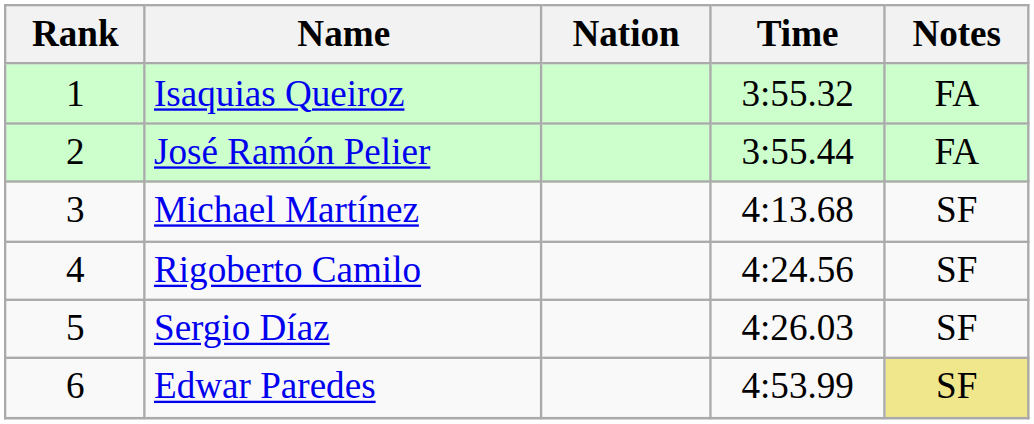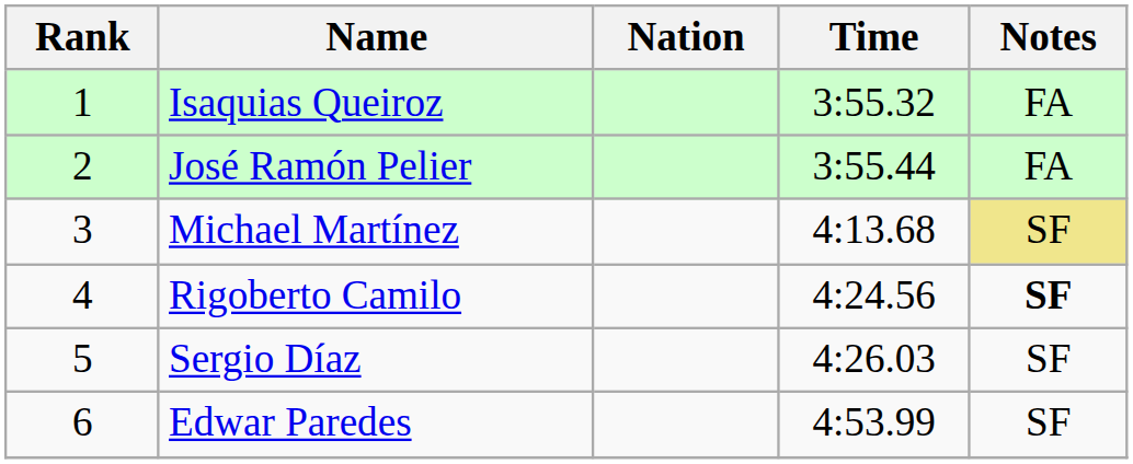 <table class="wikitable sortable" style="text-align:center" width=50%>
 <tr>
 <th>Rank</th>
 <th>Name</th>
 <th>Nation</th>
 <th>Time</th>
 <th>Notes</th>
 </tr>
 <tr bgcolor=ccffcc>
 <td>1</td>
 <td align=left><a href='#'>Isaquias Queiroz</a></td>
 <td align=left></td>
 <td>3:55.32</td>
 <td>FA</td>
 </tr>
 <tr bgcolor=ccffcc>
 <td>2</td>
 <td align=left><a href='#'>José Ramón Pelier</a></td>
 <td align=left></td>
 <td>3:55.44</td>
 <td>FA</td>
 </tr>
 <tr>
 <td>3</td>
 <td align=left><a href='#'>Michael Martínez</a></td>
 <td align=left></td>
 <td>4:13.68</td>
-<td>SF</td>
+<td style="background: khaki;">SF</td>
 </tr>
 <tr>
 <td>4</td>
 <td align=left><a href='#'>Rigoberto Camilo</a></td>
 <td align=left></td>
 <td>4:24.56</td>
-<td>SF</td>
+<td><strong>SF</strong></td>
 </tr>
 <tr>
 <td>5</td>
 <td align=left><a href='#'>Sergio Díaz</a></td>
 <td align=left></td>
 <td>4:26.03</td>
 <td>SF</td>
 </tr>
 <tr>
 <td>6</td>
 <td align=left><a href='#'>Edwar Paredes</a></td>
 <td align=left></td>
 <td>4:53.99</td>
-<td style="background: khaki;">SF</td>
+<td>SF</td>
 </tr>
 <tr>
 </tr>
 </table>
